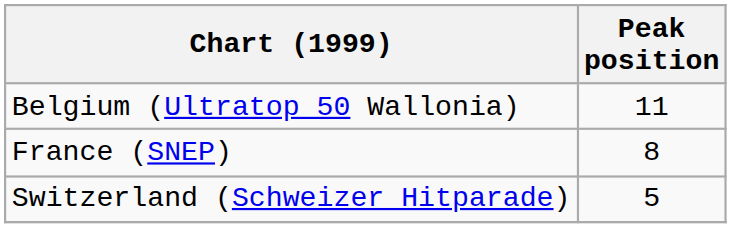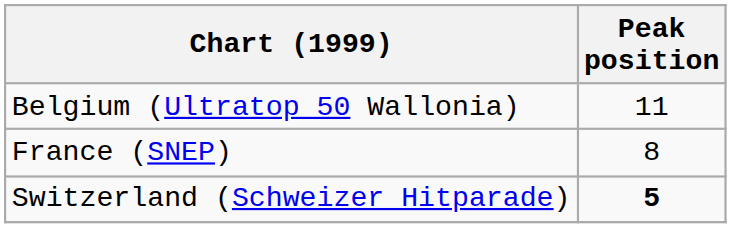 <table class="wikitable sortable">
 <tr>
 <th>Chart (1999)</th>
 <th>Peak<br>position</th>
 </tr>
 <tr>
 <td>Belgium (<a href='#'>Ultratop 50</a> Wallonia)</td>
 <td align="center">11</td>
 </tr>
 <tr>
 <td>France (<a href='#'>SNEP</a>)</td>
 <td align="center">8</td>
 </tr>
 <tr>
 <td>Switzerland (<a href='#'>Schweizer Hitparade</a>)</td>
-<td align="center">5</td>
+<td align="center"><strong>5</strong></td>
 </tr>
 <tr>
 </tr>
 </table>
